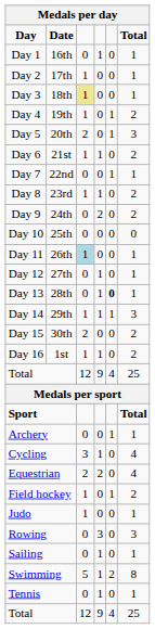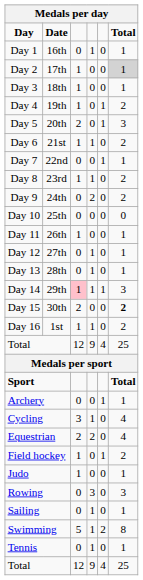 <table class="wikitable" style="font-size:85%" align="right">
 <tr bgcolor="#efefef">
 <th colspan=7>Medals per day</th>
 </tr>
 <tr style="text-align:center;">
 <td><strong>Day</strong></td>
 <td><strong>Date</strong></td>
 <td></td>
 <td></td>
 <td></td>
 <td><strong>Total</strong></td>
 </tr>
 <tr style="text-align:center;">
 <td>Day 1</td>
 <td>16th</td>
 <td>0</td>
 <td>1</td>
 <td>0</td>
 <td>1</td>
 </tr>
 <tr style="text-align:center;">
 <td>Day 2</td>
 <td>17th</td>
 <td>1</td>
 <td>0</td>
 <td>0</td>
-<td>1</td>
+<td style="background: lightgrey;">1</td>
 </tr>
 <tr style="text-align:center;">
 <td>Day 3</td>
 <td>18th</td>
-<td style="background: khaki;">1</td>
+<td>1</td>
 <td>0</td>
 <td>0</td>
 <td>1</td>
 </tr>
 <tr style="text-align:center;">
 <td>Day 4</td>
 <td>19th</td>
 <td>1</td>
 <td>0</td>
 <td>1</td>
 <td>2</td>
 </tr>
 <tr style="text-align:center;">
 <td>Day 5</td>
 <td>20th</td>
 <td>2</td>
 <td>0</td>
 <td>1</td>
 <td>3</td>
 </tr>
 <tr style="text-align:center;">
 <td>Day 6</td>
 <td>21st</td>
 <td>1</td>
 <td>1</td>
 <td>0</td>
 <td>2</td>
 </tr>
 <tr style="text-align:center;">
 <td>Day 7</td>
 <td>22nd</td>
 <td>0</td>
 <td>0</td>
 <td>1</td>
 <td>1</td>
 </tr>
 <tr style="text-align:center;">
 <td>Day 8</td>
 <td>23rd</td>
 <td>1</td>
 <td>1</td>
 <td>0</td>
 <td>2</td>
 </tr>
 <tr style="text-align:center;">
 <td>Day 9</td>
 <td>24th</td>
 <td>0</td>
 <td>2</td>
 <td>0</td>
 <td>2</td>
 </tr>
 <tr style="text-align:center;">
 <td>Day 10</td>
 <td>25th</td>
 <td>0</td>
 <td>0</td>
 <td>0</td>
 <td>0</td>
 </tr>
 <tr style="text-align:center;">
 <td>Day 11</td>
 <td>26th</td>
-<td style="background: lightblue;">1</td>
+<td>1</td>
 <td>0</td>
 <td>0</td>
 <td>1</td>
 </tr>
 <tr style="text-align:center;">
 <td>Day 12</td>
 <td>27th</td>
 <td>0</td>
 <td>1</td>
 <td>0</td>
 <td>1</td>
 </tr>
 <tr style="text-align:center;">
 <td>Day 13</td>
 <td>28th</td>
 <td>0</td>
 <td>1</td>
-<td><strong>0</strong></td>
+<td>0</td>
 <td>1</td>
 </tr>
 <tr style="text-align:center;">
 <td>Day 14</td>
 <td>29th</td>
-<td>1</td>
+<td style="background: pink;">1</td>
 <td>1</td>
 <td>1</td>
 <td>3</td>
 </tr>
 <tr style="text-align:center;">
 <td>Day 15</td>
 <td>30th</td>
 <td>2</td>
 <td>0</td>
 <td>0</td>
-<td>2</td>
+<td><strong>2</strong></td>
 </tr>
 <tr style="text-align:center;">
 <td>Day 16</td>
 <td>1st</td>
 <td>1</td>
 <td>1</td>
 <td>0</td>
 <td>2</td>
 </tr>
 <tr style="text-align:center;">
 <td colspan=2 align="left">Total</td>
 <td>12</td>
 <td>9</td>
 <td>4</td>
 <td>25</td>
 </tr>
 <tr bgcolor="#efefef">
 <th colspan=7>Medals per sport</th>
 </tr>
 <tr style="text-align:center;">
 <td colspan=2 align="left"><strong>Sport</strong></td>
 <td></td>
 <td></td>
 <td></td>
 <td><strong>Total</strong></td>
 </tr>
 <tr style="text-align:center;">
 <td colspan=2 align="left"><a href='#'>Archery</a></td>
 <td>0</td>
 <td>0</td>
 <td>1</td>
 <td>1</td>
 </tr>
 <tr style="text-align:center;">
 <td colspan=2 align="left"><a href='#'>Cycling</a></td>
 <td>3</td>
 <td>1</td>
 <td>0</td>
 <td>4</td>
 </tr>
 <tr style="text-align:center;">
 <td colspan=2 align="left"><a href='#'>Equestrian</a></td>
 <td>2</td>
 <td>2</td>
 <td>0</td>
 <td>4</td>
 </tr>
 <tr style="text-align:center;">
 <td colspan=2 align="left"><a href='#'>Field hockey</a></td>
 <td>1</td>
 <td>0</td>
 <td>1</td>
 <td>2</td>
 </tr>
 <tr style="text-align:center;">
 <td colspan=2 align="left"><a href='#'>Judo</a></td>
 <td>1</td>
 <td>0</td>
 <td>0</td>
 <td>1</td>
 </tr>
 <tr style="text-align:center;">
 <td colspan=2 align="left"><a href='#'>Rowing</a></td>
 <td>0</td>
 <td>3</td>
 <td>0</td>
 <td>3</td>
 </tr>
 <tr style="text-align:center;">
 <td colspan=2 align="left"><a href='#'>Sailing</a></td>
 <td>0</td>
 <td>1</td>
 <td>0</td>
 <td>1</td>
 </tr>
 <tr style="text-align:center;">
 <td colspan=2 align="left"><a href='#'>Swimming</a></td>
 <td>5</td>
 <td>1</td>
 <td>2</td>
 <td>8</td>
 </tr>
 <tr style="text-align:center;">
 <td colspan=2 align="left"><a href='#'>Tennis</a></td>
 <td>0</td>
 <td>1</td>
 <td>0</td>
 <td>1</td>
 </tr>
 <tr style="text-align:center;">
 <td colspan=2 align="left">Total</td>
 <td>12</td>
 <td>9</td>
 <td>4</td>
 <td>25</td>
 </tr>
 </table>
